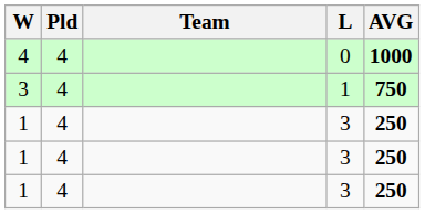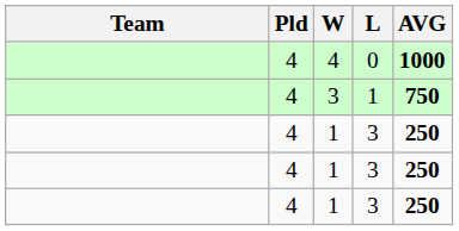 <table class="wikitable" style="text-align:center;">
 <tr>
+<th width=175>Team</th>
+<th width=20 abbr="Played">Pld</th>
 <th width=20 abbr="Won">W</th>
-<th width=20 abbr="Played">Pld</th>
-<th width=175>Team</th>
 <th width=20 abbr="Lost">L</th>
 <th width=30 abbr="Average">AVG</th>
 </tr>
 <tr style="background:#ccffcc">
+<td align=left></td>
 <td>4</td>
 <td>4</td>
-<td align=left></td>
 <td>0</td>
 <td><strong>1000</strong></td>
 </tr>
 <tr style="background:#ccffcc">
+<td align=left></td>
+<td>4</td>
 <td>3</td>
-<td>4</td>
-<td align=left></td>
 <td>1</td>
 <td><strong>750</strong></td>
 </tr>
 <tr>
+<td align=left></td>
+<td>4</td>
 <td>1</td>
-<td>4</td>
-<td align=left></td>
 <td>3</td>
 <td><strong>250</strong></td>
 </tr>
 <tr>
+<td align=left></td>
+<td>4</td>
 <td>1</td>
-<td>4</td>
-<td align=left></td>
 <td>3</td>
 <td><strong>250</strong></td>
 </tr>
 <tr>
+<td align=left></td>
+<td>4</td>
 <td>1</td>
-<td>4</td>
-<td align=left></td>
 <td>3</td>
 <td><strong>250</strong></td>
 </tr>
 </table>
